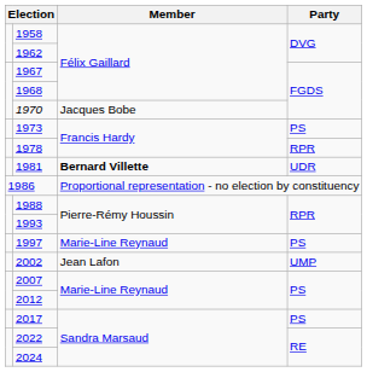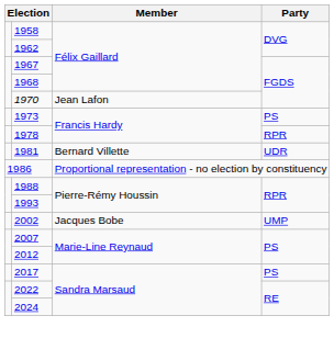 <table class="wikitable">
 <tr>
 <th colspan="2">Election</th>
 <th>Member</th>
 <th>Party</th>
 </tr>
 <tr>
 <td rowspan="2" style="color:inherit;background-color: "></td>
 <td><a href='#'>1958</a></td>
 <td rowspan="4"><a href='#'>Félix Gaillard</a></td>
 <td rowspan="2"><a href='#'>DVG</a></td>
 </tr>
 <tr>
 <td><a href='#'>1962</a></td>
 </tr>
 <tr>
 <td rowspan="3" style="color:inherit;background-color: "></td>
 <td><a href='#'>1967</a></td>
 <td rowspan="3"><a href='#'>FGDS</a></td>
 </tr>
 <tr>
 <td><a href='#'>1968</a></td>
 </tr>
 <tr>
 <td><em>1970</em></td>
-<td>Jacques Bobe</td>
+<td>Jean Lafon</td>
 </tr>
 <tr>
 <td style="color:inherit;background-color: "></td>
 <td><a href='#'>1973</a></td>
 <td rowspan="2"><a href='#'>Francis Hardy</a></td>
 <td><a href='#'>PS</a></td>
 </tr>
 <tr>
 <td style="color:inherit;background-color: "></td>
 <td><a href='#'>1978</a></td>
 <td><a href='#'>RPR</a></td>
 </tr>
 <tr>
 <td style="color:inherit;background-color: "></td>
 <td><a href='#'>1981</a></td>
-<td><strong>Bernard Villette</strong></td>
+<td>Bernard Villette</td>
 <td><a href='#'>UDR</a></td>
 </tr>
 <tr>
 <td colspan="2"><a href='#'>1986</a></td>
 <td colspan="2"><a href='#'>Proportional representation</a> - no election by constituency</td>
 </tr>
 <tr>
 <td rowspan=2 style="color:inherit;background-color: "></td>
 <td><a href='#'>1988</a></td>
 <td rowspan=2>Pierre-Rémy Houssin</td>
 <td rowspan=2><a href='#'>RPR</a></td>
 </tr>
 <tr>
 <td><a href='#'>1993</a></td>
 </tr>
 <tr>
 <td style="color:inherit;background-color: "></td>
-<td><a href='#'>1997</a></td>
-<td><a href='#'>Marie-Line Reynaud</a></td>
-<td><a href='#'>PS</a></td>
-</tr>
-<tr>
-<td style="color:inherit;background-color: "></td>
 <td><a href='#'>2002</a></td>
-<td>Jean Lafon</td>
+<td>Jacques Bobe</td>
 <td><a href='#'>UMP</a></td>
 </tr>
 <tr>
 <td rowspan=2 style="color:inherit;background-color: "></td>
 <td><a href='#'>2007</a></td>
 <td rowspan=2><a href='#'>Marie-Line Reynaud</a></td>
 <td rowspan=2><a href='#'>PS</a></td>
 </tr>
 <tr>
 <td><a href='#'>2012</a></td>
 </tr>
 <tr>
 <td style="color:inherit;background-color: "></td>
 <td><a href='#'>2017</a></td>
 <td rowspan="3"><a href='#'>Sandra Marsaud</a></td>
 <td><a href='#'>PS</a></td>
 </tr>
 <tr>
 <td rowspan=3 style="color:inherit;background-color: "></td>
 <td><a href='#'>2022</a></td>
 <td rowspan="2"><a href='#'>RE</a></td>
 </tr>
 <tr>
 <td><a href='#'>2024</a></td>
 </tr>
 </table>
